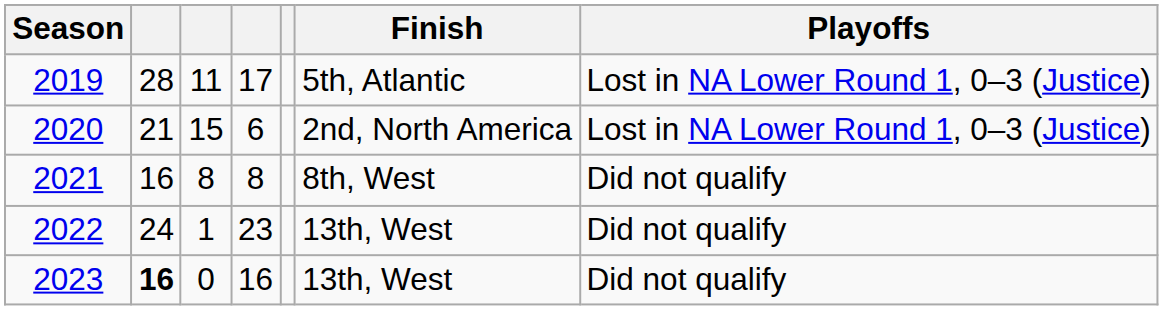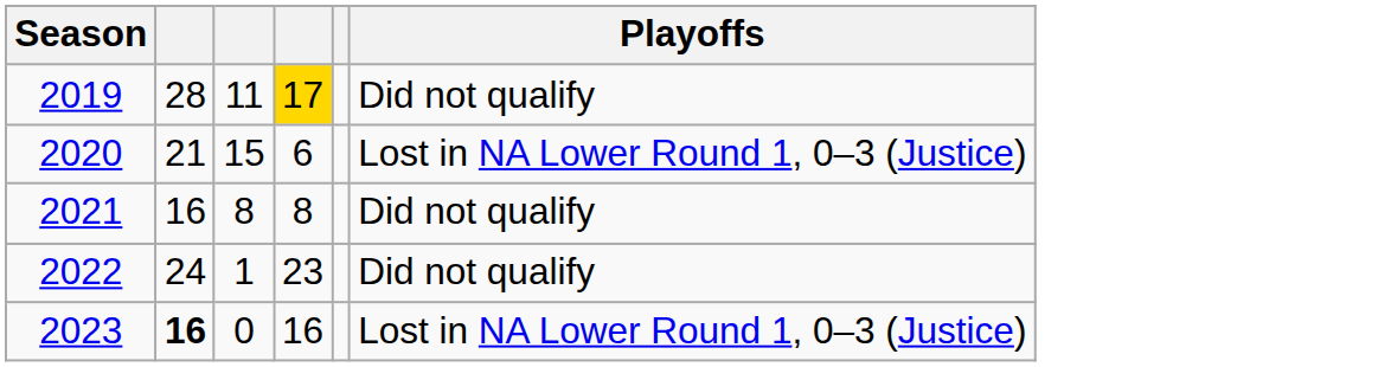 <table class="wikitable" style="text-align:center;">
 <tr>
 <th style="background:#">Season</th>
 <th style="background:#"></th>
 <th style="background:#"></th>
 <th style="background:#"></th>
 <th style="background:#"></th>
-<th style="background:#">Finish</th>
 <th style="background:#">Playoffs</th>
 </tr>
 <tr>
 <td><a href='#'>2019</a></td>
 <td>28</td>
 <td>11</td>
-<td>17</td>
+<td style="background: gold;">17</td>
 <td></td>
-<td style="text-align:left">5th, Atlantic</td>
-<td style="text-align:left">Lost in <a href='#'>NA Lower Round 1</a>, 0–3 (<a href='#'>Justice</a>)</td>
+<td style="text-align:left">Did not qualify</td>
 </tr>
 <tr>
 <td><a href='#'>2020</a></td>
 <td>21</td>
 <td>15</td>
 <td>6</td>
 <td></td>
-<td style="text-align:left">2nd, North America</td>
 <td style="text-align:left">Lost in <a href='#'>NA Lower Round 1</a>, 0–3 (<a href='#'>Justice</a>)</td>
 </tr>
 <tr>
 <td><a href='#'>2021</a></td>
 <td>16</td>
 <td>8</td>
 <td>8</td>
 <td></td>
-<td style="text-align:left">8th, West</td>
 <td style="text-align:left">Did not qualify</td>
 </tr>
 <tr>
 <td><a href='#'>2022</a></td>
 <td>24</td>
 <td>1</td>
 <td>23</td>
 <td></td>
-<td style="text-align:left">13th, West</td>
 <td style="text-align:left">Did not qualify</td>
 </tr>
 <tr>
 <td><a href='#'>2023</a></td>
 <td><strong>16</strong></td>
 <td>0</td>
 <td>16</td>
 <td></td>
-<td style="text-align:left">13th, West</td>
-<td style="text-align:left">Did not qualify</td>
+<td style="text-align:left">Lost in <a href='#'>NA Lower Round 1</a>, 0–3 (<a href='#'>Justice</a>)</td>
 </tr>
 </table>
